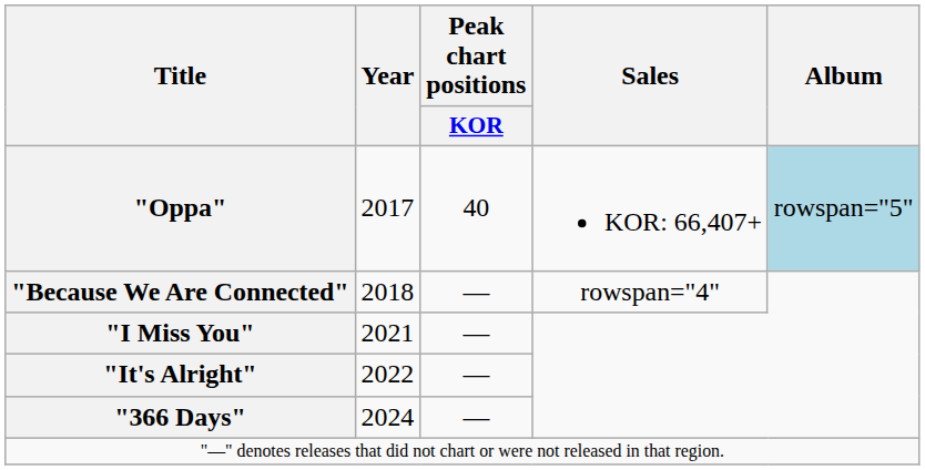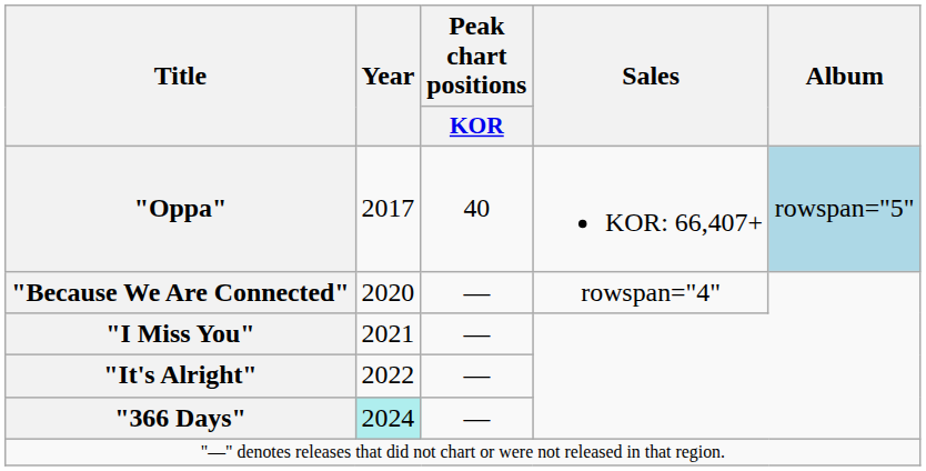 <table class="wikitable plainrowheaders" style="text-align:center;">
 <tr>
 <th scope="col" scope="col" rowspan="2">Title</th>
 <th scope="col" scope="col" rowspan="2">Year</th>
 <th scope="col" scope="col" colspan="1">Peak chart positions</th>
 <th scope="col" scope="col" rowspan="2">Sales</th>
 <th scope="col" scope="col" rowspan="2">Album</th>
 </tr>
 <tr>
 <th scope="col" style="width:3em;font-size:90%;"><a href='#'>KOR</a><br></th>
 </tr>
 <tr>
 <th scope=row>"Oppa" </th>
 <td>2017</td>
 <td>40</td>
 <td><br><ul><li>KOR: 66,407+</li></ul></td>
 <td style="background: lightblue;">rowspan="5" </td>
 </tr>
 <tr>
 <th scope=row>"Because We Are Connected" </th>
-<td>2018</td>
+<td>2020</td>
 <td>—</td>
 <td>rowspan="4"</td>
 </tr>
 <tr>
 <th scope=row>"I Miss You" </th>
 <td>2021</td>
 <td>—</td>
 </tr>
 <tr>
 <th scope=row>"It's Alright" </th>
 <td>2022</td>
 <td>—</td>
 </tr>
 <tr>
 <th scope=row>"366 Days" </th>
-<td>2024</td>
+<td style="background: paleturquoise;">2024</td>
 <td>—</td>
 </tr>
 <tr>
 <td colspan="6" style="font-size:8pt;">"—" denotes releases that did not chart or were not released in that region.</td>
 </tr>
 </table>
